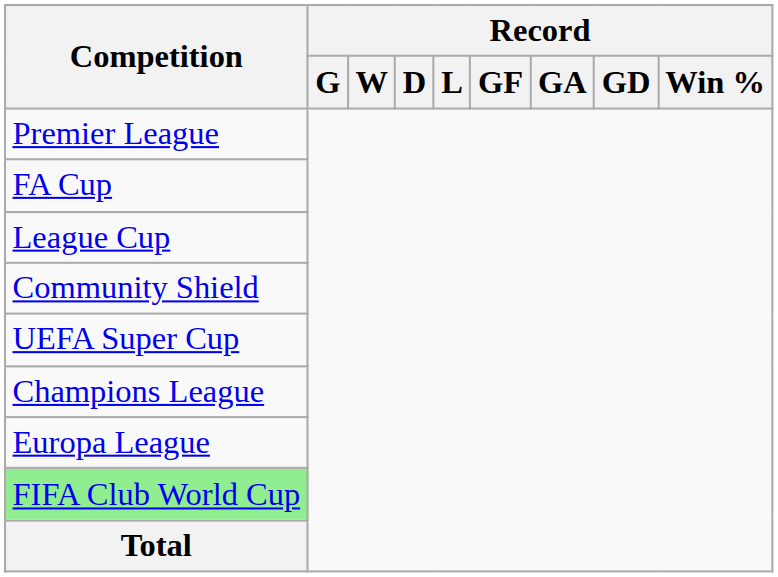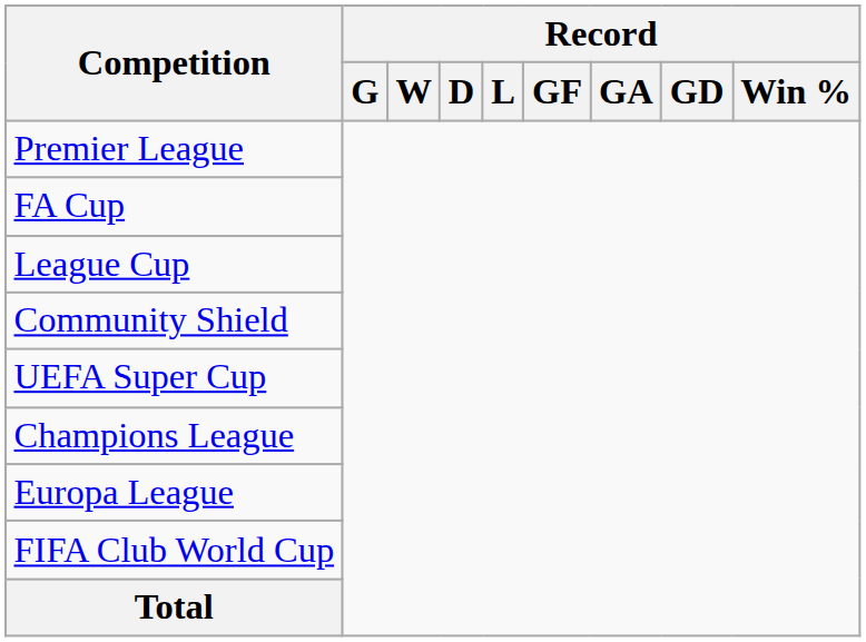 <table class="wikitable" style="text-align: center">
 <tr>
 <th rowspan="2">Competition</th>
 <th colspan="9">Record</th>
 </tr>
 <tr>
 <th>G</th>
 <th>W</th>
 <th>D</th>
 <th>L</th>
 <th>GF</th>
 <th>GA</th>
 <th>GD</th>
 <th>Win %</th>
 </tr>
 <tr>
 <td style="text-align: left"><a href='#'>Premier League</a><br></td>
 </tr>
 <tr>
 <td style="text-align: left"><a href='#'>FA Cup</a><br></td>
 </tr>
 <tr>
 <td style="text-align: left"><a href='#'>League Cup</a><br></td>
 </tr>
 <tr>
 <td style="text-align: left"><a href='#'>Community Shield</a><br></td>
 </tr>
 <tr>
 <td style="text-align: left"><a href='#'>UEFA Super Cup</a><br></td>
 </tr>
 <tr>
 <td style="text-align: left"><a href='#'>Champions League</a><br></td>
 </tr>
 <tr>
 <td style="text-align: left"><a href='#'>Europa League</a><br></td>
 </tr>
 <tr>
-<td style="background: lightgreen; text-align: left"><a href='#'>FIFA Club World Cup</a><br></td>
+<td style="text-align: left"><a href='#'>FIFA Club World Cup</a><br></td>
 </tr>
 <tr>
 <th>Total<br></th>
 </tr>
 </table>
